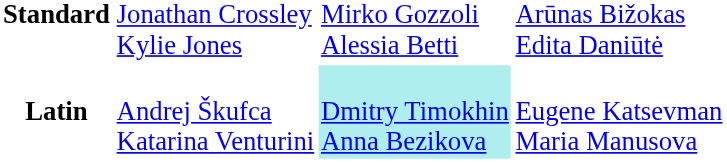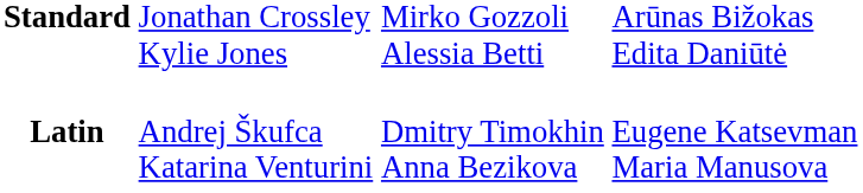 <table>
 <tr>
 <th scope="row">Standard</th>
 <td><br><a href='#'>Jonathan Crossley</a><br><a href='#'>Kylie Jones</a></td>
 <td><br><a href='#'>Mirko Gozzoli</a><br><a href='#'>Alessia Betti</a></td>
 <td><br><a href='#'>Arūnas Bižokas</a><br><a href='#'>Edita Daniūtė</a></td>
 </tr>
 <tr>
 <th scope="row">Latin</th>
 <td><br><a href='#'>Andrej Škufca</a><br><a href='#'>Katarina Venturini</a></td>
-<td style="background: paleturquoise;"><br><a href='#'>Dmitry Timokhin</a><br><a href='#'>Anna Bezikova</a></td>
+<td><br><a href='#'>Dmitry Timokhin</a><br><a href='#'>Anna Bezikova</a></td>
 <td><br><a href='#'>Eugene Katsevman</a><br><a href='#'>Maria Manusova</a></td>
 </tr>
 </table>
